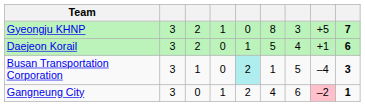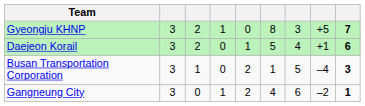 <table class="wikitable" style="text-align:center;">
 <tr>
 <th width=225>Team</th>
 <th width=30></th>
 <th width=30></th>
 <th width=30></th>
 <th width=30></th>
 <th width=30></th>
 <th width=30></th>
 <th width=30></th>
 <th width=30></th>
 </tr>
 <tr bgcolor=#bbf3bb>
 <td align=left><a href='#'>Gyeongju KHNP</a></td>
 <td>3</td>
 <td>2</td>
 <td>1</td>
 <td>0</td>
 <td>8</td>
 <td>3</td>
 <td>+5</td>
 <td><strong>7</strong></td>
 </tr>
 <tr bgcolor=#bbf3bb>
 <td align=left><a href='#'>Daejeon Korail</a></td>
 <td>3</td>
 <td>2</td>
 <td>0</td>
 <td>1</td>
 <td>5</td>
 <td>4</td>
 <td>+1</td>
 <td><strong>6</strong></td>
 </tr>
 <tr>
 <td align=left><a href='#'>Busan Transportation Corporation</a></td>
 <td>3</td>
 <td>1</td>
 <td>0</td>
-<td style="background: paleturquoise;">2</td>
+<td>2</td>
 <td>1</td>
 <td>5</td>
 <td>–4</td>
 <td><strong>3</strong></td>
 </tr>
 <tr>
 <td align=left><a href='#'>Gangneung City</a></td>
 <td>3</td>
 <td>0</td>
 <td>1</td>
 <td>2</td>
 <td>4</td>
 <td>6</td>
-<td style="background: pink;">–2</td>
+<td>–2</td>
 <td><strong>1</strong></td>
 </tr>
 </table>
